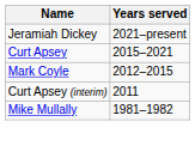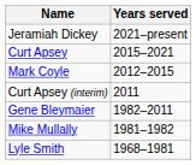 <table class="wikitable"; style= "text-align: ">
 <tr>
 <th width=px>Name</th>
 <th width=px>Years served</th>
 </tr>
 <tr>
 <td align=left>Jeramiah Dickey</td>
 <td>2021–present</td>
 </tr>
 <tr>
 <td align=left><a href='#'>Curt Apsey</a></td>
 <td>2015–2021</td>
 </tr>
 <tr>
 <td align=left><a href='#'>Mark Coyle</a></td>
 <td>2012–2015</td>
 </tr>
 <tr>
 <td align=left>Curt Apsey <small><em>(interim)</em></small></td>
 <td>2011</td>
 </tr>
 <tr>
+<td align=left><a href='#'>Gene Bleymaier</a></td>
+<td>1982–2011</td>
+</tr>
+<tr>
 <td align=left><a href='#'>Mike Mullally</a></td>
 <td>1981–1982</td>
 </tr>
+<tr>
+<td align=left><a href='#'>Lyle Smith</a></td>
+<td>1968–1981</td>
+</tr>
 </table>
